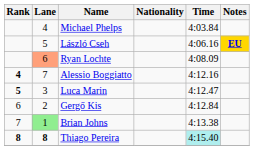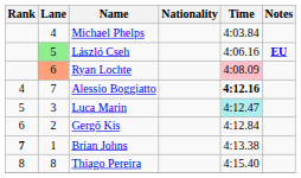 <table class="wikitable sortable" style="text-align:center">
 <tr>
 <th>Rank</th>
 <th>Lane</th>
 <th>Name</th>
 <th>Nationality</th>
 <th>Time</th>
 <th>Notes</th>
 </tr>
 <tr>
 <td></td>
 <td>4</td>
 <td align=left><a href='#'>Michael Phelps</a></td>
 <td align=left></td>
 <td>4:03.84</td>
 <td></td>
 </tr>
 <tr>
 <td></td>
-<td>5</td>
+<td style="background: lightgreen;">5</td>
 <td align=left><a href='#'>László Cseh</a></td>
 <td align=left></td>
 <td>4:06.16</td>
-<td style="background: gold;"><strong><a href='#'>EU</a></strong></td>
+<td><strong><a href='#'>EU</a></strong></td>
 </tr>
 <tr>
 <td></td>
 <td style="background: lightsalmon;">6</td>
 <td align=left><a href='#'>Ryan Lochte</a></td>
 <td align=left></td>
-<td>4:08.09</td>
+<td style="background: pink;">4:08.09</td>
 <td></td>
 </tr>
 <tr>
-<td><strong>4</strong></td>
+<td>4</td>
 <td>7</td>
 <td align=left><a href='#'>Alessio Boggiatto</a></td>
 <td align=left></td>
-<td>4:12.16</td>
+<td><strong>4:12.16</strong></td>
 <td></td>
 </tr>
 <tr>
-<td><strong>5</strong></td>
+<td>5</td>
 <td>3</td>
 <td align=left><a href='#'>Luca Marin</a></td>
 <td align=left></td>
-<td>4:12.47</td>
+<td style="background: paleturquoise;">4:12.47</td>
 <td></td>
 </tr>
 <tr>
 <td>6</td>
 <td>2</td>
 <td align=left><a href='#'>Gergő Kis</a></td>
 <td align=left></td>
 <td>4:12.84</td>
 <td></td>
 </tr>
 <tr>
-<td>7</td>
-<td style="background: lightgreen;">1</td>
+<td><strong>7</strong></td>
+<td>1</td>
 <td align=left><a href='#'>Brian Johns</a></td>
 <td align=left></td>
 <td>4:13.38</td>
 <td></td>
 </tr>
 <tr>
-<td><strong>8</strong></td>
-<td><strong>8</strong></td>
+<td>8</td>
+<td>8</td>
 <td align=left><a href='#'>Thiago Pereira</a></td>
 <td align=left></td>
-<td style="background: paleturquoise;">4:15.40</td>
+<td>4:15.40</td>
 <td></td>
 </tr>
 <tr>
 </tr>
 </table>
